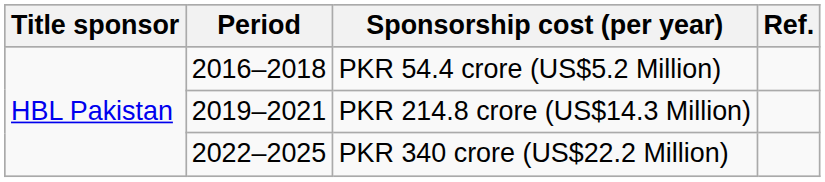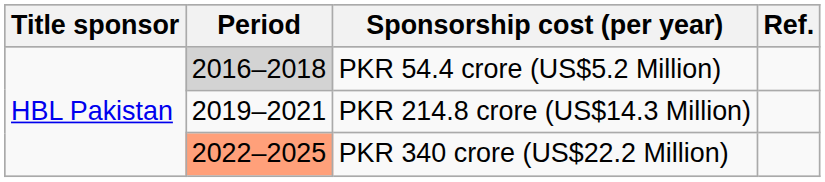 <table class="wikitable">
 <tr>
 <th>Title sponsor</th>
 <th>Period</th>
 <th>Sponsorship cost (per year)</th>
 <th>Ref.</th>
 </tr>
 <tr>
 <td rowspan="3"><a href='#'>HBL Pakistan</a></td>
-<td>2016–2018</td>
+<td style="background: lightgrey;">2016–2018</td>
 <td>PKR 54.4 crore (US$5.2 Million)</td>
 <td></td>
 </tr>
 <tr>
 <td>2019–2021</td>
 <td>PKR 214.8 crore (US$14.3 Million)</td>
 <td></td>
 </tr>
 <tr>
-<td>2022–2025</td>
+<td style="background: lightsalmon;">2022–2025</td>
 <td>PKR 340 crore (US$22.2 Million)</td>
 <td></td>
 </tr>
 </table>
